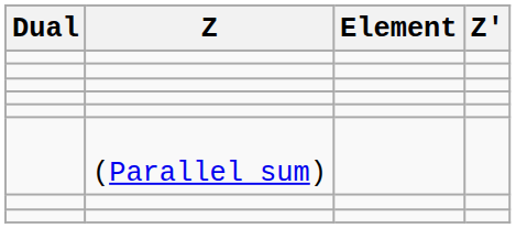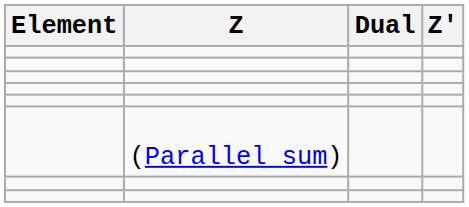 <table class="wikitable" style="text-align:center;">
 <tr>
+<th>Element</th>
+<th>Z</th>
 <th>Dual</th>
-<th>Z</th>
-<th>Element</th>
 <th>Z'</th>
 </tr>
 <tr>
 <td></td>
 <td></td>
 <td></td>
 <td></td>
 </tr>
 <tr>
 <td></td>
 <td></td>
 <td></td>
 <td></td>
 </tr>
 <tr>
 <td></td>
 <td></td>
 <td></td>
 <td></td>
 </tr>
 <tr>
 <td></td>
 <td></td>
 <td></td>
 <td></td>
 </tr>
 <tr>
 <td></td>
 <td></td>
 <td></td>
 <td></td>
 </tr>
 <tr>
 <td></td>
 <td><br>(<a href='#'>Parallel sum</a>)</td>
 <td></td>
 <td></td>
 </tr>
 <tr>
 <td></td>
 <td></td>
 <td></td>
 <td></td>
 </tr>
 <tr>
 <td></td>
 <td></td>
 <td></td>
 <td></td>
 </tr>
 </table>
